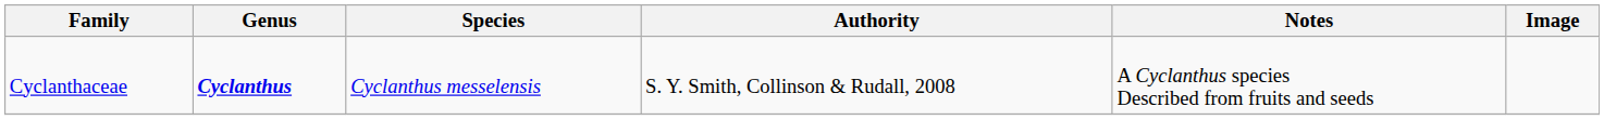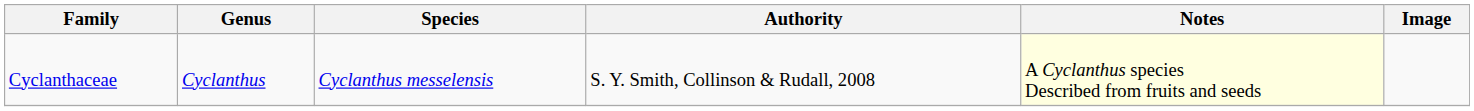 <table class="wikitable" align="center" width="100%">
 <tr>
 <th>Family</th>
 <th>Genus</th>
 <th>Species</th>
 <th>Authority</th>
 <th>Notes</th>
 <th>Image</th>
 </tr>
 <tr>
 <td><br><a href='#'>Cyclanthaceae</a></td>
-<td><strong><br><em><a href='#'>Cyclanthus</a></em></strong></td>
+<td><br><em><a href='#'>Cyclanthus</a></em></td>
 <td><br><em><a href='#'>Cyclanthus messelensis</a></em></td>
 <td><br>S. Y. Smith, Collinson & Rudall, 2008</td>
-<td><br>A <em>Cyclanthus</em> species<br>Described from fruits and seeds</td>
+<td style="background: lightyellow;"><br>A <em>Cyclanthus</em> species<br>Described from fruits and seeds</td>
 <td></td>
 </tr>
 <tr>
 </tr>
 </table>
